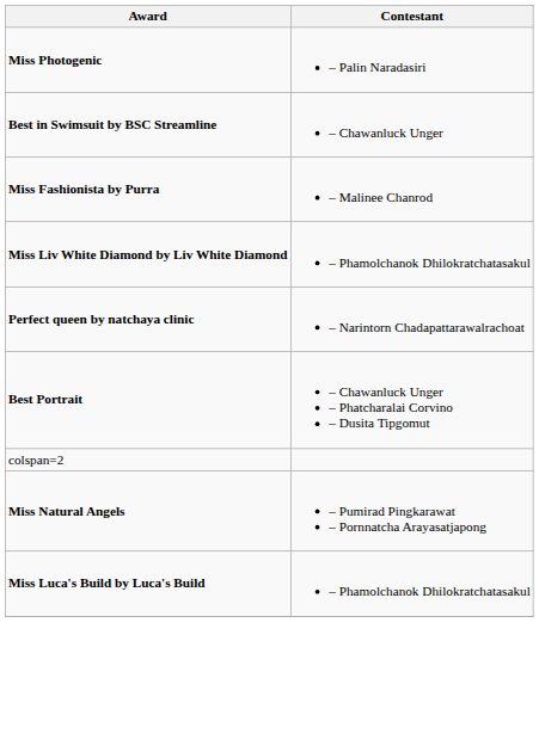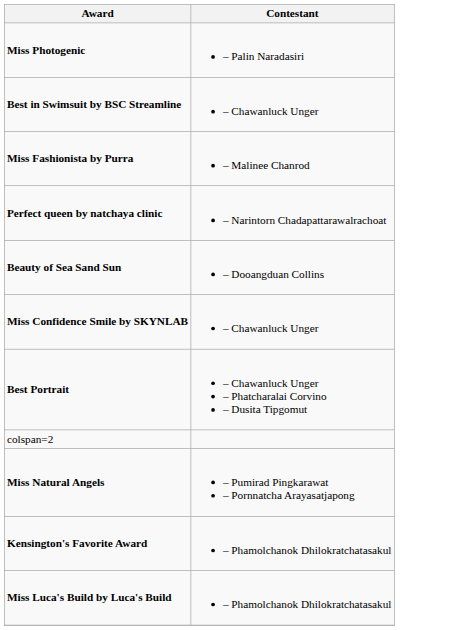 <table class="wikitable sortable" style="font-size: 95%;">
 <tr>
 <th>Award</th>
 <th>Contestant</th>
 </tr>
 <tr>
 <td><strong>Miss Photogenic</strong></td>
 <td><br><ul><li><strong></strong> – Palin Naradasiri</li></ul></td>
 </tr>
 <tr>
 <td><strong>Best in Swimsuit by BSC Streamline </strong></td>
 <td><br><ul><li><strong></strong> – Chawanluck Unger</li></ul></td>
 </tr>
 <tr>
 <td><strong>Miss Fashionista by Purra</strong></td>
 <td><br><ul><li><strong></strong> – Malinee Chanrod</li></ul></td>
 </tr>
 <tr>
-<td><strong>Miss Liv White Diamond by Liv White Diamond</strong></td>
-<td><br><ul><li><strong></strong> – Phamolchanok Dhilokratchatasakul</li></ul></td>
+<td><strong>Perfect queen by natchaya clinic</strong></td>
+<td><br><ul><li><strong></strong> – Narintorn Chadapattarawalrachoat</li></ul></td>
 </tr>
 <tr>
-<td><strong>Perfect queen by natchaya clinic</strong></td>
-<td><br><ul><li><strong></strong> – Narintorn Chadapattarawalrachoat</li></ul></td>
+<td><strong>Beauty of Sea Sand Sun</strong></td>
+<td><br><ul><li><strong></strong> – Dooangduan Collins</li></ul></td>
+</tr>
+<tr>
+<td><strong>Miss Confidence Smile by SKYNLAB</strong></td>
+<td><br><ul><li><strong></strong> – Chawanluck Unger</li></ul></td>
 </tr>
 <tr>
 <td><strong>Best Portrait</strong></td>
 <td><br><ul><li><strong></strong> – Chawanluck Unger</li><li><strong></strong> – Phatcharalai Corvino</li><li><strong></strong> – Dusita Tipgomut</li></ul></td>
 </tr>
 <tr>
 <td>colspan=2 </td>
 </tr>
 <tr>
 <td><strong>Miss Natural Angels</strong></td>
 <td><br><ul><li><strong></strong> – Pumirad Pingkarawat</li><li><strong></strong> – Pornnatcha Arayasatjapong</li></ul></td>
 </tr>
 <tr>
+<td><strong>Kensington's Favorite Award</strong></td>
+<td><br><ul><li><strong></strong> – Phamolchanok Dhilokratchatasakul</li></ul></td>
+</tr>
+<tr>
 <td><strong>Miss Luca's Build by Luca's Build</strong></td>
 <td><br><ul><li><strong></strong> – Phamolchanok Dhilokratchatasakul</li></ul></td>
 </tr>
 <tr>
 </tr>
 </table>
